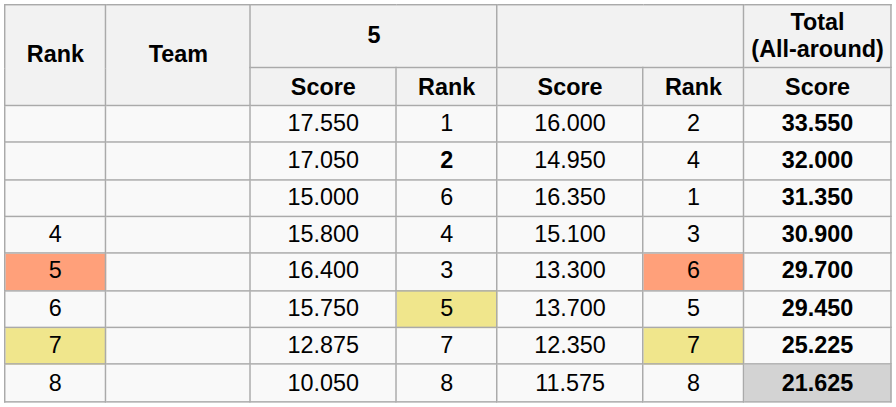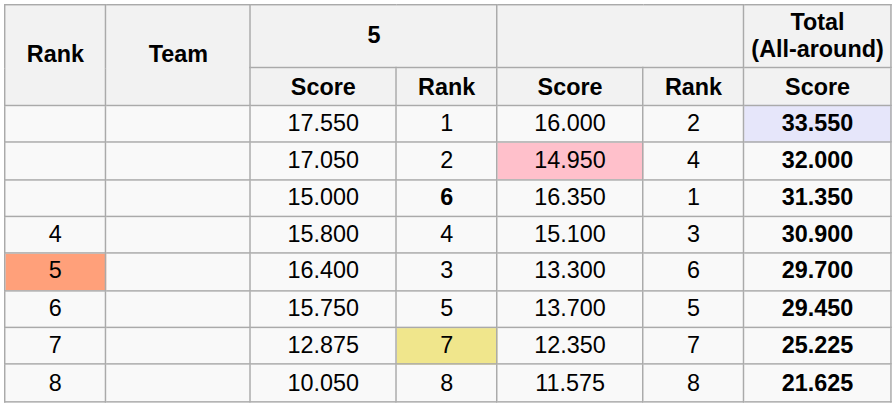 <table class="wikitable" style="text-align:center">
 <tr>
 <th style="width:4em" rowspan="2">Rank</th>
 <th style="width:6em" rowspan="2">Team</th>
 <th style="width:6em" colspan="2">5 </th>
 <th style="width:6em" colspan="2"></th>
 <th style="width:6em" colspan="2">Total<br>(All-around)</th>
 </tr>
 <tr>
 <th style="width:6em">Score</th>
 <th style="width:4em">Rank</th>
 <th style="width:6em">Score</th>
 <th style="width:4em">Rank</th>
 <th style="width:6em">Score</th>
 </tr>
 <tr>
 <td></td>
 <td align="left"></td>
 <td>17.550</td>
 <td>1</td>
 <td>16.000</td>
 <td>2</td>
-<td><strong>33.550</strong></td>
+<td style="background: lavender;"><strong>33.550</strong></td>
 </tr>
 <tr>
 <td></td>
 <td align="left"></td>
 <td>17.050</td>
-<td><strong>2</strong></td>
-<td>14.950</td>
+<td>2</td>
+<td style="background: pink;">14.950</td>
 <td>4</td>
 <td><strong>32.000</strong></td>
 </tr>
 <tr>
 <td></td>
 <td align="left"></td>
 <td>15.000</td>
-<td>6</td>
+<td><strong>6</strong></td>
 <td>16.350</td>
 <td>1</td>
 <td><strong>31.350</strong></td>
 </tr>
 <tr>
 <td>4</td>
 <td align="left"></td>
 <td>15.800</td>
 <td>4</td>
 <td>15.100</td>
 <td>3</td>
 <td><strong>30.900</strong></td>
 </tr>
 <tr>
 <td style="background: lightsalmon;">5</td>
 <td align="left"></td>
 <td>16.400</td>
 <td>3</td>
 <td>13.300</td>
-<td style="background: lightsalmon;">6</td>
+<td>6</td>
 <td><strong>29.700</strong></td>
 </tr>
 <tr>
 <td>6</td>
 <td align="left"></td>
 <td>15.750</td>
-<td style="background: khaki;">5</td>
+<td>5</td>
 <td>13.700</td>
 <td>5</td>
 <td><strong>29.450</strong></td>
 </tr>
 <tr>
-<td style="background: khaki;">7</td>
+<td>7</td>
 <td align="left"></td>
 <td>12.875</td>
+<td style="background: khaki;">7</td>
+<td>12.350</td>
 <td>7</td>
-<td>12.350</td>
-<td style="background: khaki;">7</td>
 <td><strong>25.225</strong></td>
 </tr>
 <tr>
 <td>8</td>
 <td align="left"></td>
 <td>10.050</td>
 <td>8</td>
 <td>11.575</td>
 <td>8</td>
-<td style="background: lightgrey;"><strong>21.625</strong></td>
+<td><strong>21.625</strong></td>
 </tr>
 </table>
